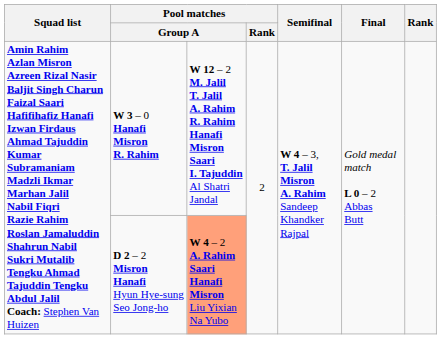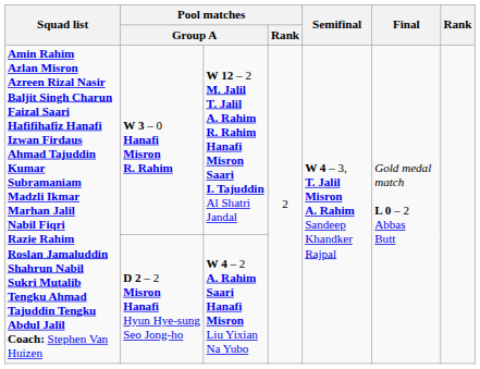 <table class="wikitable" width="90%" style="text-align:left; font-size:90%">
 <tr>
 <th rowspan="2" width="25%">Squad list</th>
 <th colspan="3" width="35%">Pool matches</th>
 <th rowspan="2" width="15%">Semifinal</th>
 <th rowspan="2" width="15%">Final</th>
 <th rowspan="2" width="3%">Rank</th>
 </tr>
 <tr>
 <th colspan="2" width="32%">Group A</th>
 <th width="3%">Rank</th>
 </tr>
 <tr>
 <td rowspan="2"><strong><a href='#'>Amin Rahim</a><br><a href='#'>Azlan Misron</a><br><a href='#'>Azreen Rizal Nasir</a><br><a href='#'>Baljit Singh Charun</a><br><a href='#'>Faizal Saari</a><br><a href='#'>Hafifihafiz Hanafi</a><br><a href='#'>Izwan Firdaus Ahmad Tajuddin</a><br><a href='#'>Kumar Subramaniam</a><br><a href='#'>Madzli Ikmar</a><br><a href='#'>Marhan Jalil</a><br><a href='#'>Nabil Fiqri</a><br><a href='#'>Razie Rahim</a><br><a href='#'>Roslan Jamaluddin</a><br><a href='#'>Shahrun Nabil</a><br><a href='#'>Sukri Mutalib</a><br><a href='#'>Tengku Ahmad Tajuddin Tengku Abdul Jalil</a></strong><br><strong>Coach:</strong> <a href='#'>Stephen Van Huizen</a></td>
 <td><br><strong>W 3</strong> – 0<br><strong><a href='#'>Hanafi</a> <br><a href='#'>Misron</a> <br><a href='#'>R. Rahim</a> </strong></td>
 <td><br><strong>W 12</strong> – 2<br><strong><a href='#'>M. Jalil</a>  <br><a href='#'>T. Jalil</a> <br><a href='#'>A. Rahim</a>   <br><a href='#'>R. Rahim</a> <br><a href='#'>Hanafi</a> <br><a href='#'>Misron</a>   <br><a href='#'>Saari</a>  <br><a href='#'>I. Tajuddin</a> </strong><br><a href='#'>Al Shatri</a>  <br><a href='#'>Jandal</a> </td>
 <td rowspan="2" align=center>2 <strong></strong></td>
 <td rowspan="2"><br><strong>W 4</strong> – 3, <strong></strong><br><strong><a href='#'>T. Jalil</a> <br><a href='#'>Misron</a> <br><a href='#'>A. Rahim</a>  </strong><br><a href='#'>Sandeep</a> <br><a href='#'>Khandker</a> <br><a href='#'>Rajpal</a> </td>
 <td rowspan="2"><em>Gold medal match</em><br><br><strong>L 0</strong> – 2<br><a href='#'>Abbas</a> <br><a href='#'>Butt</a> </td>
 <td rowspan="2" align="center"></td>
 </tr>
 <tr>
 <td><br><strong>D 2</strong> – 2<br><strong><a href='#'>Misron</a> <br><a href='#'>Hanafi</a> </strong><br><a href='#'>Hyun Hye-sung</a> <br><a href='#'>Seo Jong-ho</a> </td>
-<td style="background: lightsalmon;"><br><strong>W 4</strong> – 2<br><strong><a href='#'>A. Rahim</a> <br><a href='#'>Saari</a> <br><a href='#'>Hanafi</a> <br><a href='#'>Misron</a> </strong><br><a href='#'>Liu Yixian</a>  <br><a href='#'>Na Yubo</a> </td>
+<td><br><strong>W 4</strong> – 2<br><strong><a href='#'>A. Rahim</a> <br><a href='#'>Saari</a> <br><a href='#'>Hanafi</a> <br><a href='#'>Misron</a> </strong><br><a href='#'>Liu Yixian</a>  <br><a href='#'>Na Yubo</a> </td>
 </tr>
 </table>
